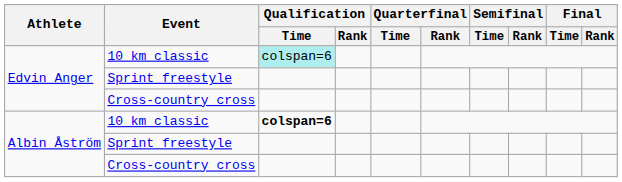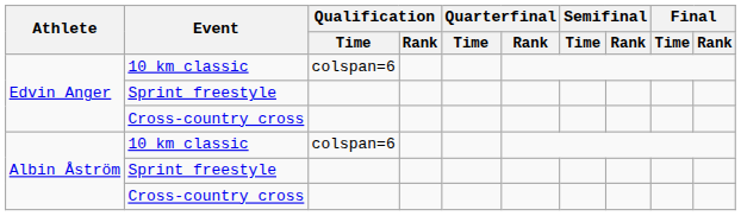 <table class="wikitable" style="font-size:90%">
 <tr>
 <th rowspan="2">Athlete</th>
 <th rowspan="2">Event</th>
 <th colspan="2">Qualification</th>
 <th colspan="2">Quarterfinal</th>
 <th colspan="2">Semifinal</th>
 <th colspan="2">Final</th>
 </tr>
 <tr style="font-size:95%">
 <th>Time</th>
 <th>Rank</th>
 <th>Time</th>
 <th>Rank</th>
 <th>Time</th>
 <th>Rank</th>
 <th>Time</th>
 <th>Rank</th>
 </tr>
 <tr align=center>
 <td align=left rowspan=3><a href='#'>Edvin Anger</a></td>
 <td align=left><a href='#'>10 km classic</a></td>
-<td style="background: paleturquoise;">colspan=6 </td>
+<td>colspan=6 </td>
 <td></td>
 <td></td>
 </tr>
 <tr align=center>
 <td align=left><a href='#'>Sprint freestyle</a></td>
 <td></td>
 <td></td>
 <td></td>
 <td></td>
 <td></td>
 <td></td>
 <td></td>
 <td></td>
 </tr>
 <tr align=center>
 <td align=left><a href='#'>Cross-country cross</a></td>
 <td></td>
 <td></td>
 <td></td>
 <td></td>
 <td></td>
 <td></td>
 <td></td>
 <td></td>
 </tr>
 <tr align=center>
 <td align=left rowspan=3><a href='#'>Albin Åström</a></td>
 <td align=left><a href='#'>10 km classic</a></td>
-<td><strong>colspan=6 </strong></td>
+<td>colspan=6 </td>
 <td></td>
 <td></td>
 </tr>
 <tr align=center>
 <td align=left><a href='#'>Sprint freestyle</a></td>
 <td></td>
 <td></td>
 <td></td>
 <td></td>
 <td></td>
 <td></td>
 <td></td>
 <td></td>
 </tr>
 <tr align=center>
 <td align=left><a href='#'>Cross-country cross</a></td>
 <td></td>
 <td></td>
 <td></td>
 <td></td>
 <td></td>
 <td></td>
 <td></td>
 <td></td>
 </tr>
 </table>
